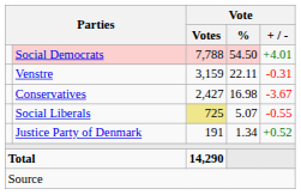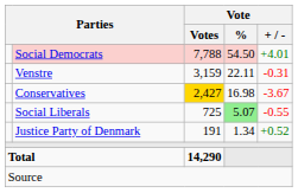 <table class="wikitable" style="text-align:right;">
 <tr>
 <th style="text-align:centre;" rowspan="2" colspan="2" width="225">Parties</th>
 <th colspan="3">Vote</th>
 </tr>
 <tr>
 <th width="15">Votes</th>
 <th width="15">%</th>
 <th width="15">+ / -</th>
 </tr>
 <tr>
 <td width="2" style="color:inherit;background:"></td>
 <td bgcolor=#fbd0ce  align="left"><a href='#'>Social Democrats</a></td>
 <td bgcolor=#fbd0ce>7,788</td>
 <td bgcolor=#fbd0ce>54.50</td>
 <td style=color:green;>+4.01</td>
 </tr>
 <tr>
 <td width="2" style="color:inherit;background:"></td>
 <td align="left"><a href='#'>Venstre</a></td>
 <td>3,159</td>
 <td>22.11</td>
 <td style=color:red;>-0.31</td>
 </tr>
 <tr>
 <td width="2" style="color:inherit;background:"></td>
 <td align="left"><a href='#'>Conservatives</a></td>
-<td>2,427</td>
+<td style="background: gold;">2,427</td>
 <td>16.98</td>
 <td style=color:red;>-3.67</td>
 </tr>
 <tr>
 <td width="2" style="color:inherit;background:"></td>
 <td align="left"><a href='#'>Social Liberals</a></td>
-<td style="background: khaki;">725</td>
-<td>5.07</td>
+<td>725</td>
+<td style="background: lightgreen;">5.07</td>
 <td style=color:red;>-0.55</td>
 </tr>
 <tr>
 <td width="2" style="color:inherit;background:"></td>
 <td align="left"><a href='#'>Justice Party of Denmark</a></td>
 <td>191</td>
 <td>1.34</td>
 <td style=color:green;>+0.52</td>
 </tr>
 <tr>
 <td colspan="7" bgcolor="#E9E9E9"></td>
 </tr>
 <tr>
 <td align="left" colspan="2"><strong>Total</strong></td>
 <td><strong>14,290</strong></td>
 <td bgcolor="#E9E9E9" colspan="2"></td>
 </tr>
 <tr>
 <td align="left" colspan="6">Source</td>
 </tr>
 </table>
